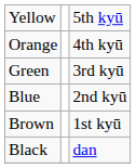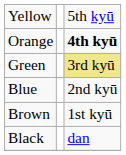 <table class="wikitable">
 <tr>
 <td>Yellow</td>
 <td style="background:white;"></td>
 <td>5th <a href='#'>kyū</a></td>
 </tr>
 <tr>
 <td>Orange</td>
 <td style="background:white;"></td>
-<td>4th kyū</td>
+<td><strong>4th kyū</strong></td>
 </tr>
 <tr>
 <td>Green</td>
 <td style="background:white;"></td>
-<td>3rd kyū</td>
+<td style="background: khaki;">3rd kyū</td>
 </tr>
 <tr>
 <td>Blue</td>
 <td style="background:white;"></td>
 <td>2nd kyū</td>
 </tr>
 <tr>
 <td>Brown</td>
 <td style="background:white;"></td>
 <td>1st kyū</td>
 </tr>
 <tr>
 <td>Black</td>
 <td style="background:white;"></td>
 <td><a href='#'>dan</a></td>
 </tr>
 <tr>
 </tr>
 </table>
